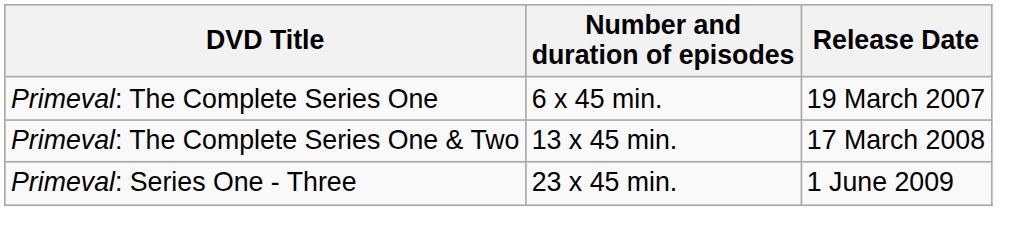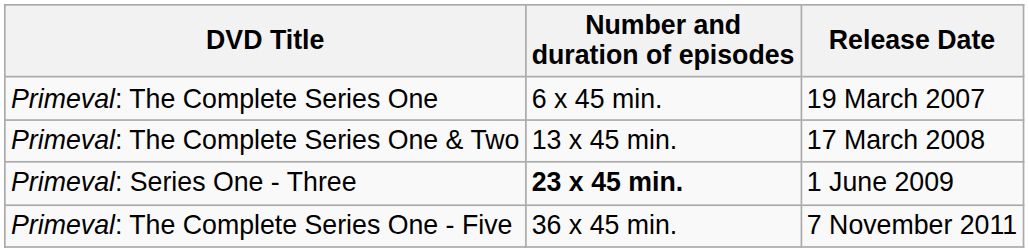 <table class="wikitable">
 <tr>
 <th>DVD Title</th>
 <th>Number and<br>duration of episodes</th>
 <th>Release Date</th>
 </tr>
 <tr>
 <td><em>Primeval</em>: The Complete Series One</td>
 <td>6 x 45 min.</td>
 <td>19 March 2007</td>
 </tr>
 <tr>
 <td><em>Primeval</em>: The Complete Series One & Two</td>
 <td>13 x 45 min.</td>
 <td>17 March 2008</td>
 </tr>
 <tr>
 <td><em>Primeval</em>: Series One - Three</td>
-<td>23 x 45 min.</td>
+<td><strong>23 x 45 min.</strong></td>
 <td>1 June 2009</td>
 </tr>
+<tr>
+<td><em>Primeval</em>: The Complete Series One - Five</td>
+<td>36 x 45 min.</td>
+<td>7 November 2011</td>
+</tr>
 </table>
